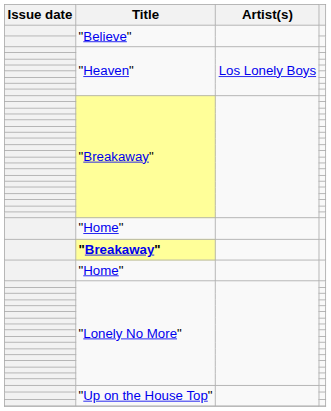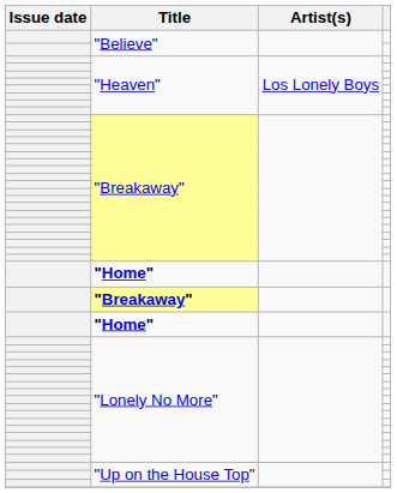 <table class="wikitable sortable plainrowheaders">
 <tr>
 <th scope=col>Issue date</th>
 <th scope=col>Title</th>
 <th scope=col>Artist(s)</th>
 <th scope=col class=unsortable></th>
 </tr>
 <tr>
 <th scope=row></th>
 <td rowspan="2">"<a href='#'>Believe</a>"</td>
 <td rowspan="2"></td>
 <td align=center></td>
 </tr>
 <tr>
 <th scope=row></th>
 <td align=center></td>
 </tr>
 <tr>
 <th scope=row></th>
 <td rowspan="8">"<a href='#'>Heaven</a>"</td>
 <td rowspan="8"><a href='#'>Los Lonely Boys</a></td>
 <td align=center></td>
 </tr>
 <tr>
 <th scope=row></th>
 <td align=center></td>
 </tr>
 <tr>
 <th scope=row></th>
 <td align=center></td>
 </tr>
 <tr>
 <th scope=row></th>
 <td align=center></td>
 </tr>
 <tr>
 <th scope=row></th>
 <td align=center></td>
 </tr>
 <tr>
 <th scope=row></th>
 <td align=center></td>
 </tr>
 <tr>
 <th scope=row></th>
 <td align=center></td>
 </tr>
 <tr>
 <th scope=row></th>
 <td align=center></td>
 </tr>
 <tr>
 <th scope=row></th>
 <td bgcolor=#FFFF99 rowspan="20">"<a href='#'>Breakaway</a>" </td>
 <td rowspan="20"></td>
 <td align=center></td>
 </tr>
 <tr>
 <th scope=row></th>
 <td align=center></td>
 </tr>
 <tr>
 <th scope=row></th>
 <td align=center></td>
 </tr>
 <tr>
 <th scope=row></th>
 <td align=center></td>
 </tr>
 <tr>
 <th scope=row></th>
 <td align=center></td>
 </tr>
 <tr>
 <th scope=row></th>
 <td align=center></td>
 </tr>
 <tr>
 <th scope=row></th>
 <td align=center></td>
 </tr>
 <tr>
 <th scope=row></th>
 <td align=center></td>
 </tr>
 <tr>
 <th scope=row></th>
 <td align=center></td>
 </tr>
 <tr>
 <th scope=row></th>
 <td align=center></td>
 </tr>
 <tr>
 <th scope=row></th>
 <td align=center></td>
 </tr>
 <tr>
 <th scope=row></th>
 <td align=center></td>
 </tr>
 <tr>
 <th scope=row></th>
 <td align=center></td>
 </tr>
 <tr>
 <th scope=row></th>
 <td align=center></td>
 </tr>
 <tr>
 <th scope=row></th>
 <td align=center></td>
 </tr>
 <tr>
 <th scope=row></th>
 <td align=center></td>
 </tr>
 <tr>
 <th scope=row></th>
 <td align=center></td>
 </tr>
 <tr>
 <th scope=row></th>
 <td align=center></td>
 </tr>
 <tr>
 <th scope=row></th>
 <td align=center></td>
 </tr>
 <tr>
 <th scope=row></th>
 <td align=center></td>
 </tr>
 <tr>
 <th scope=row></th>
-<td rowspan="1">"<a href='#'>Home</a>"</td>
+<td rowspan="1"><strong>"<a href='#'>Home</a>"</strong></td>
 <td rowspan="1"></td>
 <td align=center></td>
 </tr>
 <tr>
 <th scope=row></th>
 <td bgcolor=#FFFF99 rowspan="1"><strong>"<a href='#'>Breakaway</a>" </strong></td>
 <td rowspan="1"></td>
 <td align=center></td>
 </tr>
 <tr>
 <th scope=row></th>
-<td rowspan="1">"<a href='#'>Home</a>"</td>
+<td rowspan="1"><strong>"<a href='#'>Home</a>"</strong></td>
 <td rowspan="1"></td>
 <td align=center></td>
 </tr>
 <tr>
 <th scope=row></th>
 <td rowspan="17">"<a href='#'>Lonely No More</a>"</td>
 <td rowspan="17"></td>
 <td align=center></td>
 </tr>
 <tr>
 <th scope=row></th>
 <td align=center></td>
 </tr>
 <tr>
 <th scope=row></th>
 <td align=center></td>
 </tr>
 <tr>
 <th scope=row></th>
 <td align=center></td>
 </tr>
 <tr>
 <th scope=row></th>
 <td align=center></td>
 </tr>
 <tr>
 <th scope=row></th>
 <td align=center></td>
 </tr>
 <tr>
 <th scope=row></th>
 <td align=center></td>
 </tr>
 <tr>
 <th scope=row></th>
 <td align=center></td>
 </tr>
 <tr>
 <th scope=row></th>
 <td align=center></td>
 </tr>
 <tr>
 <th scope=row></th>
 <td align=center></td>
 </tr>
 <tr>
 <th scope=row></th>
 <td align=center></td>
 </tr>
 <tr>
 <th scope=row></th>
 <td align=center></td>
 </tr>
 <tr>
 <th scope=row></th>
 <td align=center></td>
 </tr>
 <tr>
 <th scope=row></th>
 <td align=center></td>
 </tr>
 <tr>
 <th scope=row></th>
 <td align=center></td>
 </tr>
 <tr>
 <th scope=row></th>
 <td align=center></td>
 </tr>
 <tr>
 <th scope=row></th>
 <td align=center></td>
 </tr>
 <tr>
 <th scope=row></th>
 <td rowspan="3">"<a href='#'>Up on the House Top</a>"</td>
 <td rowspan="3"></td>
 <td align=center></td>
 </tr>
 <tr>
 <th scope=row></th>
 <td align=center></td>
 </tr>
 <tr>
 <th scope=row></th>
 <td align=center></td>
 </tr>
 <tr>
 </tr>
 </table>
